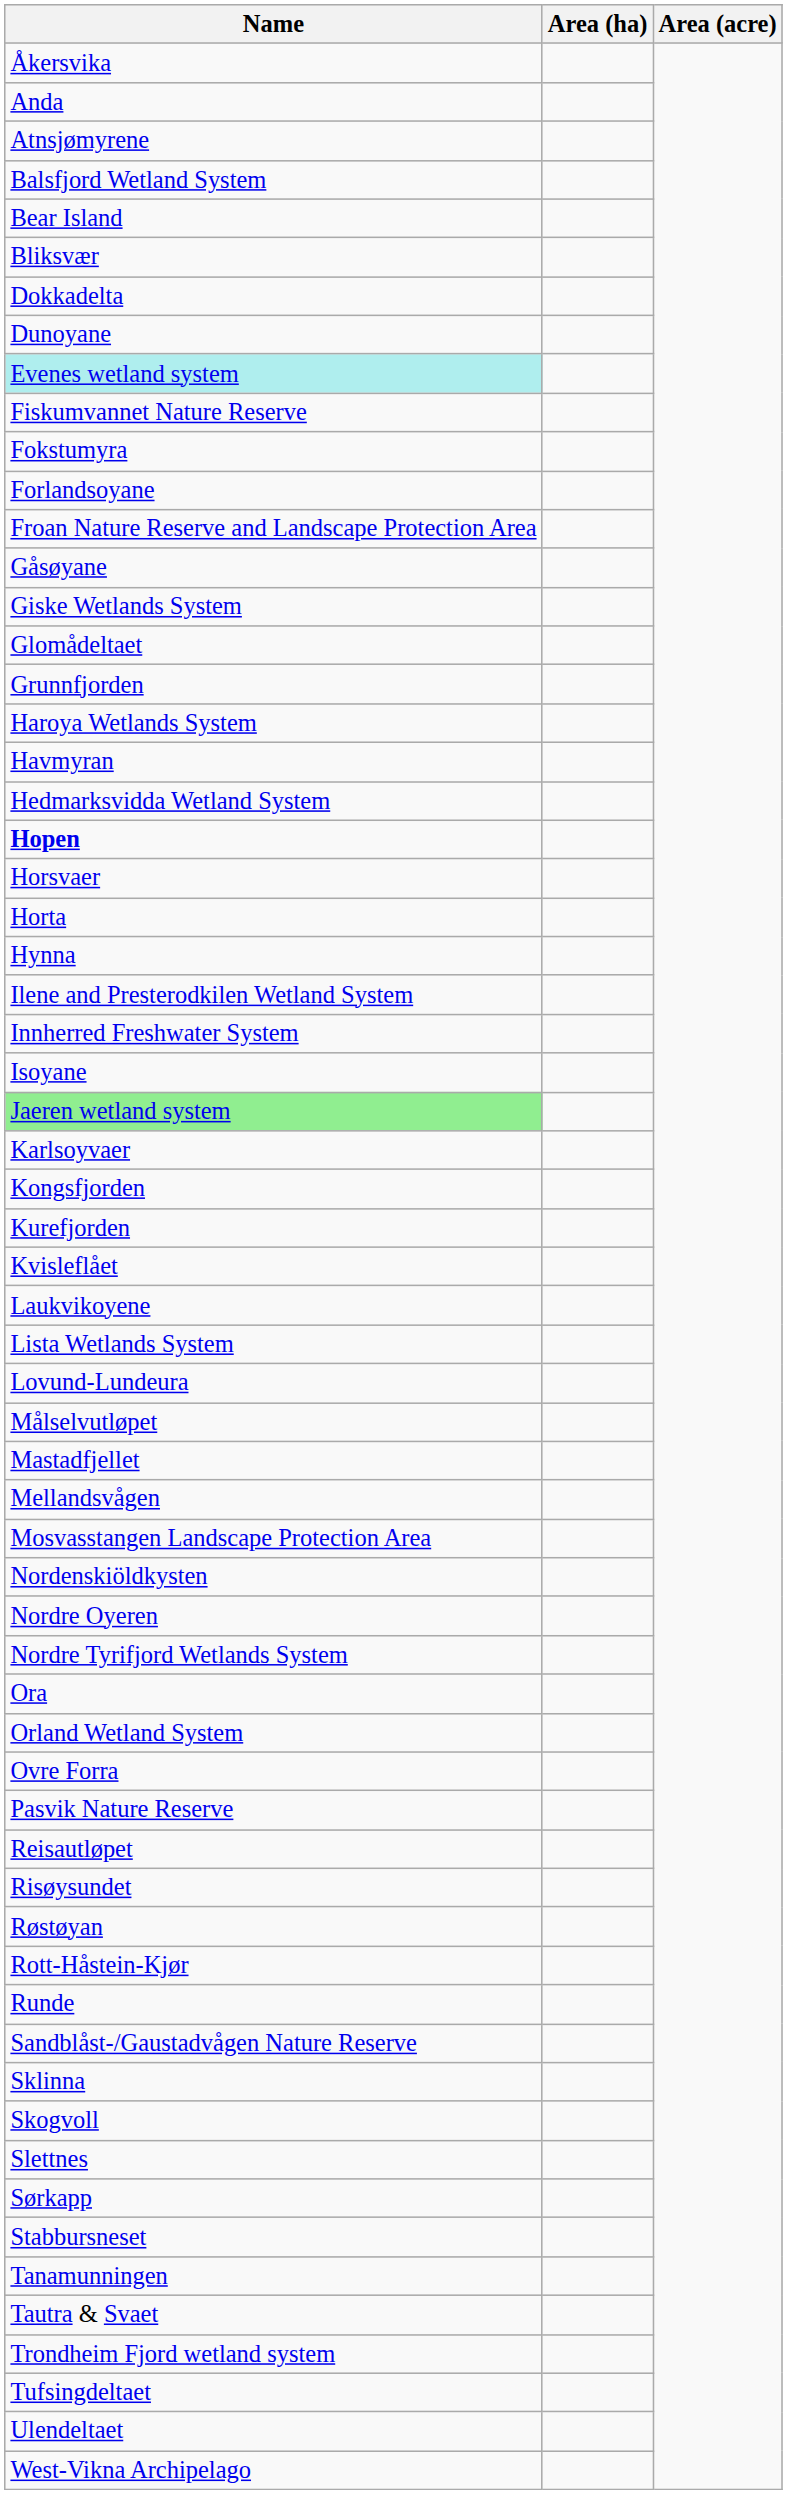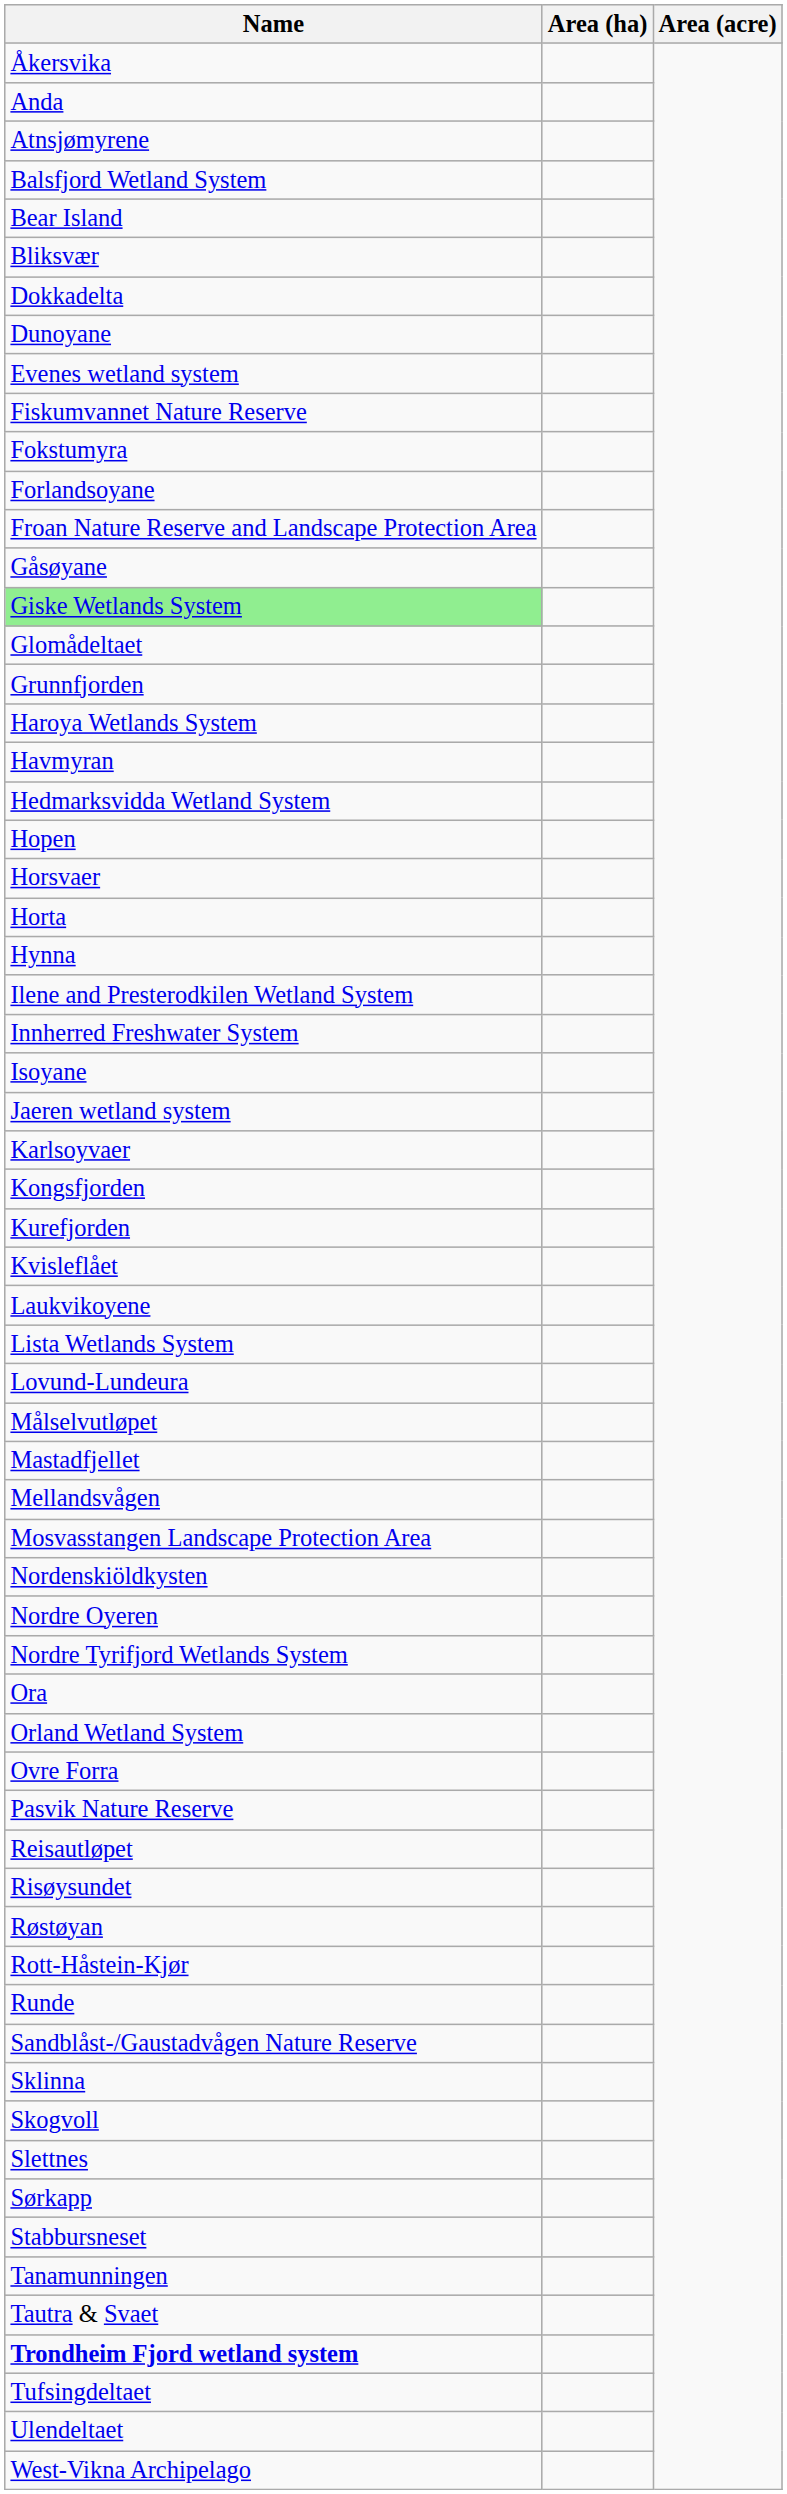 <table class="wikitable">
 <tr>
 <th scope="col" align=left>Name</th>
 <th scope="col">Area (ha)</th>
 <th scope="col">Area (acre)</th>
 </tr>
 <tr ---->
 <td><a href='#'>Åkersvika</a></td>
 <td></td>
 </tr>
 <tr ---->
 <td><a href='#'>Anda</a></td>
 <td></td>
 </tr>
 <tr ---->
 <td><a href='#'>Atnsjømyrene</a></td>
 <td></td>
 </tr>
 <tr ---->
 <td><a href='#'>Balsfjord Wetland System</a></td>
 <td></td>
 </tr>
 <tr ---->
 <td><a href='#'>Bear Island</a></td>
 <td></td>
 </tr>
 <tr ---->
 <td><a href='#'>Bliksvær</a></td>
 <td></td>
 </tr>
 <tr ---->
 <td><a href='#'>Dokkadelta</a></td>
 <td></td>
 </tr>
 <tr ---->
 <td><a href='#'>Dunoyane</a></td>
 <td></td>
 </tr>
 <tr ---->
-<td style="background: paleturquoise;"><a href='#'>Evenes wetland system</a></td>
+<td><a href='#'>Evenes wetland system</a></td>
 <td></td>
 </tr>
 <tr ---->
 <td><a href='#'>Fiskumvannet Nature Reserve</a></td>
 <td></td>
 </tr>
 <tr ---->
 <td><a href='#'>Fokstumyra</a></td>
 <td></td>
 </tr>
 <tr ---->
 <td><a href='#'>Forlandsoyane</a></td>
 <td></td>
 </tr>
 <tr ---->
 <td><a href='#'>Froan Nature Reserve and Landscape Protection Area</a></td>
 <td></td>
 </tr>
 <tr ---->
 <td><a href='#'>Gåsøyane</a></td>
 <td></td>
 </tr>
 <tr ---->
-<td><a href='#'>Giske Wetlands System</a></td>
+<td style="background: lightgreen;"><a href='#'>Giske Wetlands System</a></td>
 <td></td>
 </tr>
 <tr ---->
 <td><a href='#'>Glomådeltaet</a></td>
 <td></td>
 </tr>
 <tr ---->
 <td><a href='#'>Grunnfjorden</a></td>
 <td></td>
 </tr>
 <tr ---->
 <td><a href='#'>Haroya Wetlands System</a></td>
 <td></td>
 </tr>
 <tr ---->
 <td><a href='#'>Havmyran</a></td>
 <td></td>
 </tr>
 <tr ---->
 <td><a href='#'>Hedmarksvidda Wetland System</a></td>
 <td></td>
 </tr>
 <tr ---->
-<td><strong><a href='#'>Hopen</a></strong></td>
+<td><a href='#'>Hopen</a></td>
 <td></td>
 </tr>
 <tr ---->
 <td><a href='#'>Horsvaer</a></td>
 <td></td>
 </tr>
 <tr ---->
 <td><a href='#'>Horta</a></td>
 <td></td>
 </tr>
 <tr ---->
 <td><a href='#'>Hynna</a></td>
 <td></td>
 </tr>
 <tr ---->
 <td><a href='#'>Ilene and Presterodkilen Wetland System</a></td>
 <td></td>
 </tr>
 <tr ---->
 <td><a href='#'>Innherred Freshwater System</a></td>
 <td></td>
 </tr>
 <tr ---->
 <td><a href='#'>Isoyane</a></td>
 <td></td>
 </tr>
 <tr ---->
-<td style="background: lightgreen;"><a href='#'>Jaeren wetland system</a></td>
+<td><a href='#'>Jaeren wetland system</a></td>
 <td></td>
 </tr>
 <tr ---->
 <td><a href='#'>Karlsoyvaer</a></td>
 <td></td>
 </tr>
 <tr ---->
 <td><a href='#'>Kongsfjorden</a></td>
 <td></td>
 </tr>
 <tr ---->
 <td><a href='#'>Kurefjorden</a></td>
 <td></td>
 </tr>
 <tr ---->
 <td><a href='#'>Kvisleflået</a></td>
 <td></td>
 </tr>
 <tr ---->
 <td><a href='#'>Laukvikoyene</a></td>
 <td></td>
 </tr>
 <tr ---->
 <td><a href='#'>Lista Wetlands System</a></td>
 <td></td>
 </tr>
 <tr ---->
 <td><a href='#'>Lovund-Lundeura</a></td>
 <td></td>
 </tr>
 <tr ---->
 <td><a href='#'>Målselvutløpet</a></td>
 <td></td>
 </tr>
 <tr ---->
 <td><a href='#'>Mastadfjellet</a></td>
 <td></td>
 </tr>
 <tr ---->
 <td><a href='#'>Mellandsvågen</a></td>
 <td></td>
 </tr>
 <tr ---->
 <td><a href='#'>Mosvasstangen Landscape Protection Area</a></td>
 <td></td>
 </tr>
 <tr ---->
 <td><a href='#'>Nordenskiöldkysten</a></td>
 <td></td>
 </tr>
 <tr ---->
 <td><a href='#'>Nordre Oyeren</a></td>
 <td></td>
 </tr>
 <tr ---->
 <td><a href='#'>Nordre Tyrifjord Wetlands System</a></td>
 <td></td>
 </tr>
 <tr ---->
 <td><a href='#'>Ora</a></td>
 <td></td>
 </tr>
 <tr ---->
 <td><a href='#'>Orland Wetland System</a></td>
 <td></td>
 </tr>
 <tr ---->
 <td><a href='#'>Ovre Forra</a></td>
 <td></td>
 </tr>
 <tr ---->
 <td><a href='#'>Pasvik Nature Reserve</a></td>
 <td></td>
 </tr>
 <tr ---->
 <td><a href='#'>Reisautløpet</a></td>
 <td></td>
 </tr>
 <tr ---->
 <td><a href='#'>Risøysundet</a></td>
 <td></td>
 </tr>
 <tr ---->
 <td><a href='#'>Røstøyan</a></td>
 <td></td>
 </tr>
 <tr ---->
 <td><a href='#'>Rott-Håstein-Kjør</a></td>
 <td></td>
 </tr>
 <tr ---->
 <td><a href='#'>Runde</a></td>
 <td></td>
 </tr>
 <tr ---->
 <td><a href='#'>Sandblåst-/Gaustadvågen Nature Reserve</a></td>
 <td></td>
 </tr>
 <tr ---->
 <td><a href='#'>Sklinna</a></td>
 <td></td>
 </tr>
 <tr ---->
 <td><a href='#'>Skogvoll</a></td>
 <td></td>
 </tr>
 <tr ---->
 <td><a href='#'>Slettnes</a></td>
 <td></td>
 </tr>
 <tr ---->
 <td><a href='#'>Sørkapp</a></td>
 <td></td>
 </tr>
 <tr ---->
 <td><a href='#'>Stabbursneset</a></td>
 <td></td>
 </tr>
 <tr ---->
 <td><a href='#'>Tanamunningen</a></td>
 <td></td>
 </tr>
 <tr ---->
 <td><a href='#'>Tautra</a> & <a href='#'>Svaet</a></td>
 <td></td>
 </tr>
 <tr ---->
-<td><a href='#'>Trondheim Fjord wetland system</a></td>
+<td><strong><a href='#'>Trondheim Fjord wetland system</a></strong></td>
 <td></td>
 </tr>
 <tr ---->
 <td><a href='#'>Tufsingdeltaet</a></td>
 <td></td>
 </tr>
 <tr ---->
 <td><a href='#'>Ulendeltaet</a></td>
 <td></td>
 </tr>
 <tr ---->
 <td><a href='#'>West-Vikna Archipelago</a></td>
 <td></td>
 </tr>
 </table>
